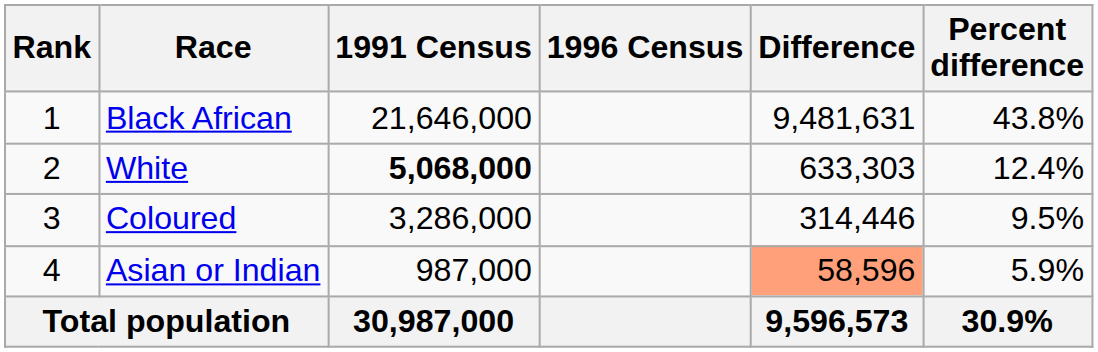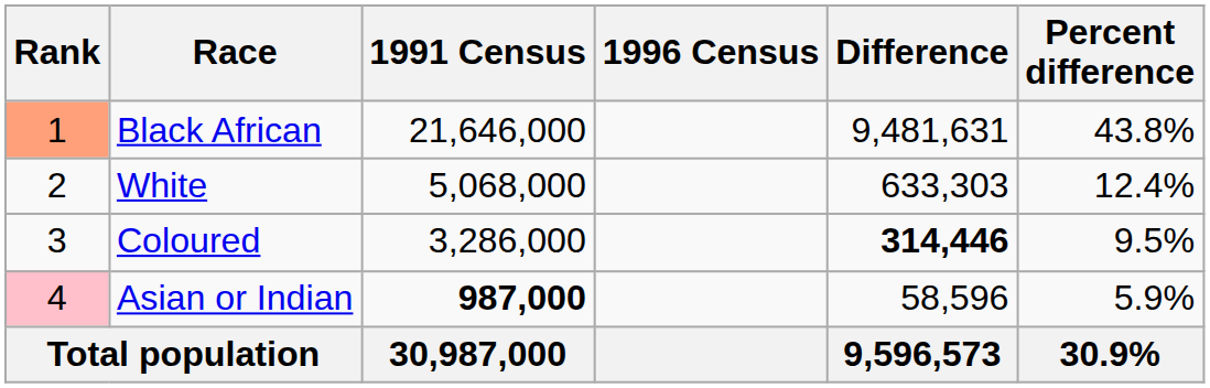 <table class="wikitable sortable" style="text-align: right;">
 <tr>
 <th data-sort-type="number">Rank</th>
 <th>Race</th>
 <th>1991 Census</th>
 <th>1996 Census</th>
 <th data-sort-type="number">Difference</th>
 <th data-sort-type="number">Percent<br>difference</th>
 </tr>
 <tr>
-<td style="text-align: center;">1</td>
+<td style="background: lightsalmon; text-align: center;">1</td>
 <td style="text-align: left;"><a href='#'>Black African</a></td>
 <td>21,646,000</td>
 <td></td>
 <td> 9,481,631</td>
 <td> 43.8%</td>
 </tr>
 <tr>
 <td style="text-align: center;">2</td>
 <td style="text-align: left;"><a href='#'>White</a></td>
-<td><strong>5,068,000</strong></td>
+<td>5,068,000</td>
 <td></td>
 <td> 633,303</td>
 <td> 12.4%</td>
 </tr>
 <tr>
 <td style="text-align: center;">3</td>
 <td style="text-align: left;"><a href='#'>Coloured</a></td>
 <td>3,286,000</td>
 <td></td>
-<td> 314,446</td>
+<td><strong> 314,446</strong></td>
 <td> 9.5%</td>
 </tr>
 <tr>
-<td style="text-align: center;">4</td>
+<td style="background: pink; text-align: center;">4</td>
 <td style="text-align: left;"><a href='#'>Asian or Indian</a></td>
-<td>987,000</td>
+<td><strong>987,000</strong></td>
 <td></td>
-<td style="background: lightsalmon;"> 58,596</td>
+<td> 58,596</td>
 <td> 5.9%</td>
 </tr>
 <tr>
 <th colspan=2>Total population</th>
 <th>30,987,000</th>
 <th></th>
 <th> 9,596,573</th>
 <th> 30.9%</th>
 </tr>
 </table>
